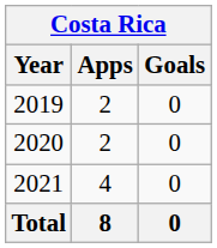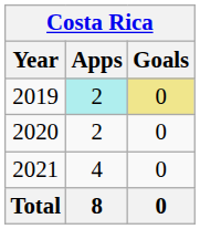 <table class="wikitable" style="text-align: center;">
 <tr>
 <th colspan="3"><a href='#'>Costa Rica</a></th>
 </tr>
 <tr>
 <th>Year</th>
 <th>Apps</th>
 <th>Goals</th>
 </tr>
 <tr>
 <td>2019</td>
-<td>2</td>
-<td>0</td>
+<td style="background: paleturquoise;">2</td>
+<td style="background: khaki;">0</td>
 </tr>
 <tr>
 <td>2020</td>
 <td>2</td>
 <td>0</td>
 </tr>
 <tr>
 <td>2021</td>
 <td>4</td>
 <td>0</td>
 </tr>
 <tr>
 <th>Total</th>
 <th>8</th>
 <th>0</th>
 </tr>
 </table>
